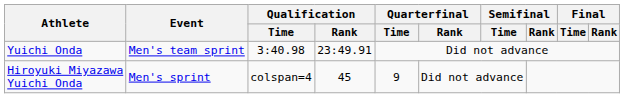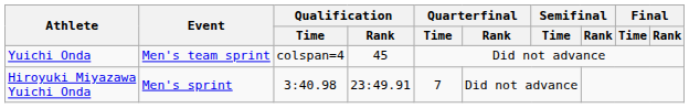 <table class="wikitable" style="font-size:90%">
 <tr>
 <th rowspan="2">Athlete</th>
 <th rowspan="2">Event</th>
 <th colspan="2">Qualification</th>
 <th colspan="2">Quarterfinal</th>
 <th colspan="2">Semifinal</th>
 <th colspan="2">Final</th>
 </tr>
 <tr style="font-size:95%">
 <th>Time</th>
 <th>Rank</th>
 <th>Time</th>
 <th>Rank</th>
 <th>Time</th>
 <th>Rank</th>
 <th>Time</th>
 <th>Rank</th>
 </tr>
 <tr align=center>
 <td align=left><a href='#'>Yuichi Onda</a></td>
 <td align=left><a href='#'>Men's team sprint</a></td>
-<td>3:40.98</td>
-<td>23:49.91</td>
+<td>colspan=4 </td>
+<td>45</td>
 <td colspan=6>Did not advance</td>
 </tr>
 <tr align=center>
 <td align=left><a href='#'>Hiroyuki Miyazawa</a><br><a href='#'>Yuichi Onda</a></td>
 <td align=left><a href='#'>Men's sprint</a></td>
-<td>colspan=4 </td>
-<td>45</td>
-<td>9</td>
+<td>3:40.98</td>
+<td>23:49.91</td>
+<td>7</td>
 <td colspan=2>Did not advance</td>
 </tr>
 </table>
